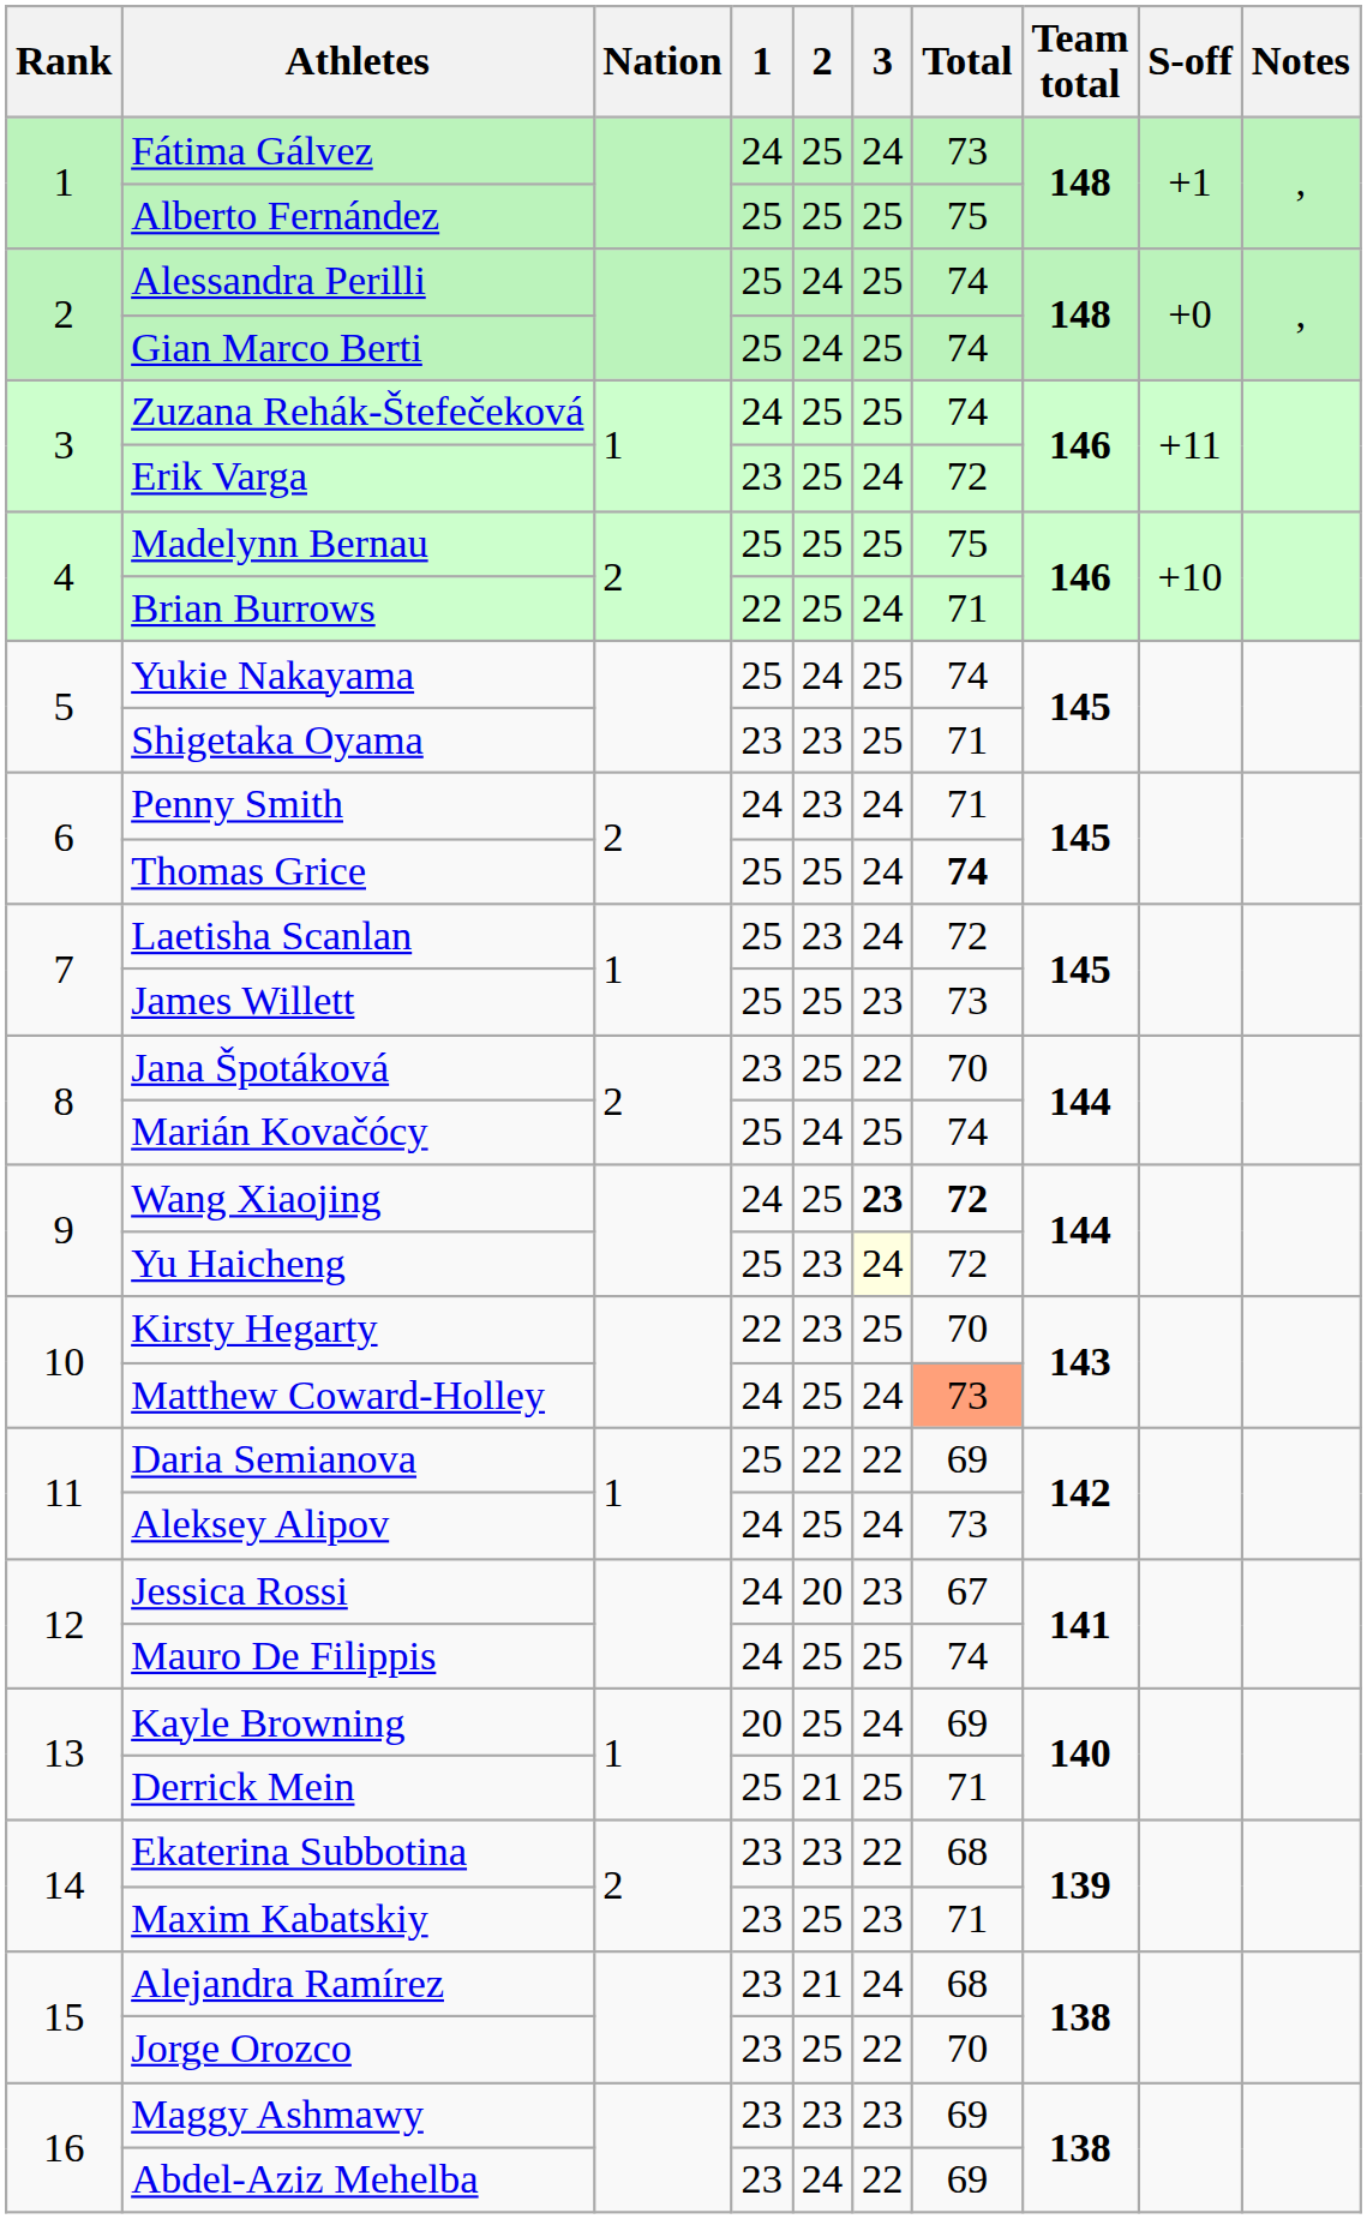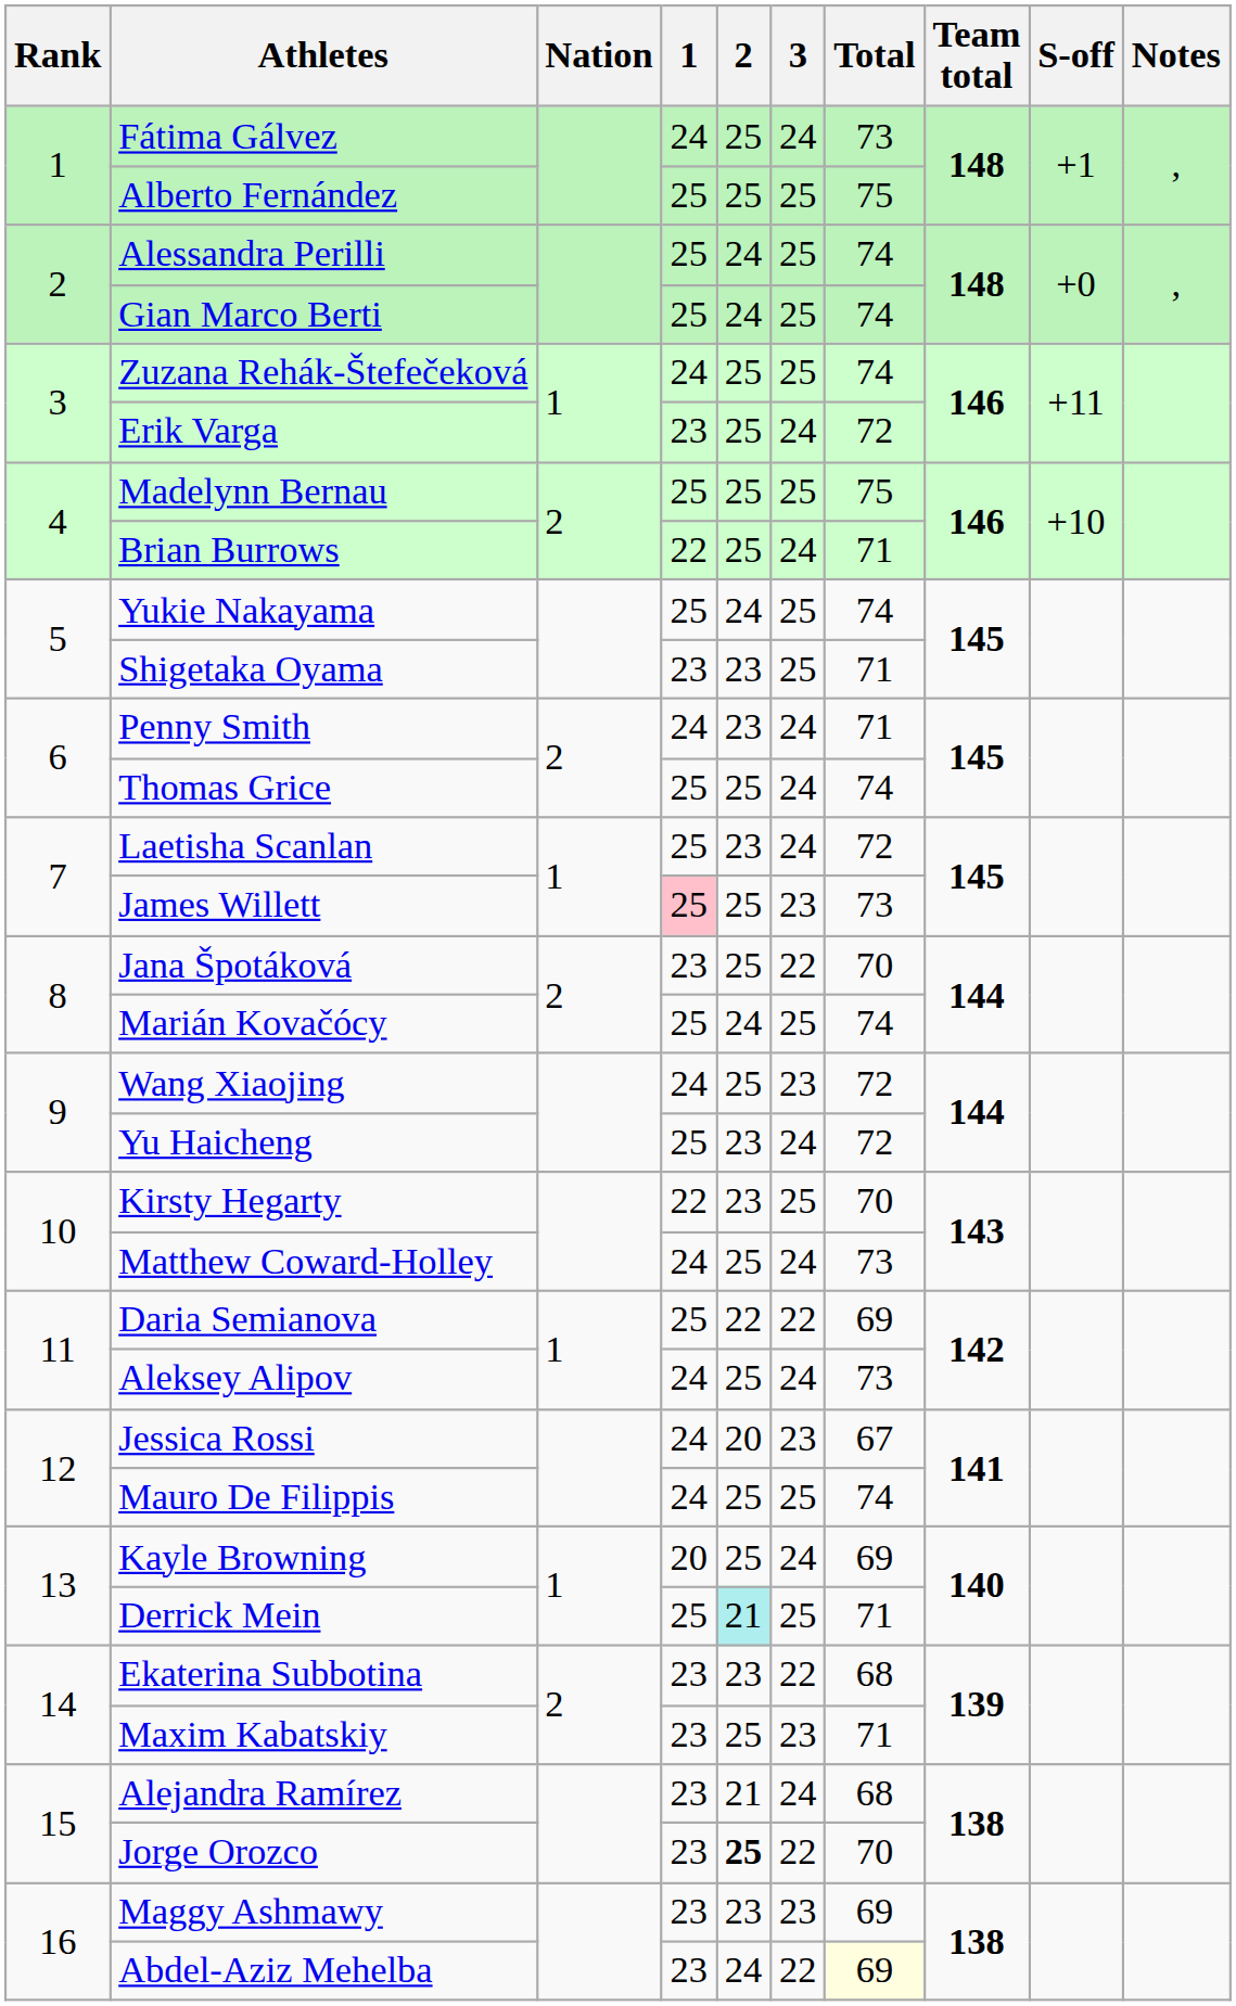 <table class="wikitable sortable" style="text-align:center">
 <tr>
 <th>Rank</th>
 <th>Athletes</th>
 <th>Nation</th>
 <th>1</th>
 <th>2</th>
 <th>3</th>
 <th>Total</th>
 <th>Team<br>total</th>
 <th class="unsortable">S-off</th>
 <th class="unsortable">Notes</th>
 </tr>
 <tr bgcolor=bbf3bb>
 <td rowspan=2>1</td>
 <td align=left><a href='#'>Fátima Gálvez</a></td>
 <td rowspan=2 align=left></td>
 <td>24</td>
 <td>25</td>
 <td>24</td>
 <td>73</td>
 <td rowspan=2><strong>148</strong></td>
 <td rowspan=2>+1</td>
 <td rowspan=2>, </td>
 </tr>
 <tr bgcolor=bbf3bb>
 <td align=left><a href='#'>Alberto Fernández</a></td>
 <td>25</td>
 <td>25</td>
 <td>25</td>
 <td>75</td>
 </tr>
 <tr bgcolor=bbf3bb>
 <td rowspan=2>2</td>
 <td align=left><a href='#'>Alessandra Perilli</a></td>
 <td rowspan=2 align=left></td>
 <td>25</td>
 <td>24</td>
 <td>25</td>
 <td>74</td>
 <td rowspan=2><strong>148</strong></td>
 <td rowspan=2>+0</td>
 <td rowspan=2>, </td>
 </tr>
 <tr bgcolor=bbf3bb>
 <td align=left><a href='#'>Gian Marco Berti</a></td>
 <td>25</td>
 <td>24</td>
 <td>25</td>
 <td>74</td>
 </tr>
 <tr bgcolor=ccffcc>
 <td rowspan=2>3</td>
 <td align=left><a href='#'>Zuzana Rehák-Štefečeková</a></td>
 <td rowspan=2 align=left> 1</td>
 <td>24</td>
 <td>25</td>
 <td>25</td>
 <td>74</td>
 <td rowspan=2><strong>146</strong></td>
 <td rowspan=2>+11</td>
 <td rowspan=2></td>
 </tr>
 <tr bgcolor=ccffcc>
 <td align=left><a href='#'>Erik Varga</a></td>
 <td>23</td>
 <td>25</td>
 <td>24</td>
 <td>72</td>
 </tr>
 <tr bgcolor=ccffcc>
 <td rowspan=2>4</td>
 <td align=left><a href='#'>Madelynn Bernau</a></td>
 <td rowspan=2 align=left> 2</td>
 <td>25</td>
 <td>25</td>
 <td>25</td>
 <td>75</td>
 <td rowspan=2><strong>146</strong></td>
 <td rowspan=2>+10</td>
 <td rowspan=2></td>
 </tr>
 <tr bgcolor=ccffcc>
 <td align=left><a href='#'>Brian Burrows</a></td>
 <td>22</td>
 <td>25</td>
 <td>24</td>
 <td>71</td>
 </tr>
 <tr>
 <td rowspan=2>5</td>
 <td align=left><a href='#'>Yukie Nakayama</a></td>
 <td rowspan=2 align=left></td>
 <td>25</td>
 <td>24</td>
 <td>25</td>
 <td>74</td>
 <td rowspan=2><strong>145</strong></td>
 <td rowspan=2></td>
 <td rowspan=2></td>
 </tr>
 <tr>
 <td align=left><a href='#'>Shigetaka Oyama</a></td>
 <td>23</td>
 <td>23</td>
 <td>25</td>
 <td>71</td>
 </tr>
 <tr>
 <td rowspan=2>6</td>
 <td align=left><a href='#'>Penny Smith</a></td>
 <td rowspan=2 align=left> 2</td>
 <td>24</td>
 <td>23</td>
 <td>24</td>
 <td>71</td>
 <td rowspan=2><strong>145</strong></td>
 <td rowspan=2></td>
 <td rowspan=2></td>
 </tr>
 <tr>
 <td align=left><a href='#'>Thomas Grice</a></td>
 <td>25</td>
 <td>25</td>
 <td>24</td>
-<td><strong>74</strong></td>
+<td>74</td>
 </tr>
 <tr>
 <td rowspan=2>7</td>
 <td align=left><a href='#'>Laetisha Scanlan</a></td>
 <td rowspan=2 align=left> 1</td>
 <td>25</td>
 <td>23</td>
 <td>24</td>
 <td>72</td>
 <td rowspan=2><strong>145</strong></td>
 <td rowspan=2></td>
 <td rowspan=2></td>
 </tr>
 <tr>
 <td align=left><a href='#'>James Willett</a></td>
-<td>25</td>
+<td style="background: pink;">25</td>
 <td>25</td>
 <td>23</td>
 <td>73</td>
 </tr>
 <tr>
 <td rowspan=2>8</td>
 <td align=left><a href='#'>Jana Špotáková</a></td>
 <td rowspan=2 align=left> 2</td>
 <td>23</td>
 <td>25</td>
 <td>22</td>
 <td>70</td>
 <td rowspan=2><strong>144</strong></td>
 <td rowspan=2></td>
 <td rowspan=2></td>
 </tr>
 <tr>
 <td align=left><a href='#'>Marián Kovačócy</a></td>
 <td>25</td>
 <td>24</td>
 <td>25</td>
 <td>74</td>
 </tr>
 <tr>
 <td rowspan=2>9</td>
 <td align=left><a href='#'>Wang Xiaojing</a></td>
 <td rowspan=2 align=left></td>
 <td>24</td>
 <td>25</td>
-<td><strong>23</strong></td>
-<td><strong>72</strong></td>
+<td>23</td>
+<td>72</td>
 <td rowspan=2><strong>144</strong></td>
 <td rowspan=2></td>
 <td rowspan=2></td>
 </tr>
 <tr>
 <td align=left><a href='#'>Yu Haicheng</a></td>
 <td>25</td>
 <td>23</td>
-<td style="background: lightyellow;">24</td>
+<td>24</td>
 <td>72</td>
 </tr>
 <tr>
 <td rowspan=2>10</td>
 <td align=left><a href='#'>Kirsty Hegarty</a></td>
 <td rowspan=2 align=left></td>
 <td>22</td>
 <td>23</td>
 <td>25</td>
 <td>70</td>
 <td rowspan=2><strong>143</strong></td>
 <td rowspan=2></td>
 <td rowspan=2></td>
 </tr>
 <tr>
 <td align=left><a href='#'>Matthew Coward-Holley</a></td>
 <td>24</td>
 <td>25</td>
 <td>24</td>
-<td style="background: lightsalmon;">73</td>
+<td>73</td>
 </tr>
 <tr>
 <td rowspan=2>11</td>
 <td align=left><a href='#'>Daria Semianova</a></td>
 <td rowspan=2 align=left> 1</td>
 <td>25</td>
 <td>22</td>
 <td>22</td>
 <td>69</td>
 <td rowspan=2><strong>142</strong></td>
 <td rowspan=2></td>
 <td rowspan=2></td>
 </tr>
 <tr>
 <td align=left><a href='#'>Aleksey Alipov</a></td>
 <td>24</td>
 <td>25</td>
 <td>24</td>
 <td>73</td>
 </tr>
 <tr>
 <td rowspan=2>12</td>
 <td align=left><a href='#'>Jessica Rossi</a></td>
 <td rowspan=2 align=left></td>
 <td>24</td>
 <td>20</td>
 <td>23</td>
 <td>67</td>
 <td rowspan=2><strong>141</strong></td>
 <td rowspan=2></td>
 <td rowspan=2></td>
 </tr>
 <tr>
 <td align=left><a href='#'>Mauro De Filippis</a></td>
 <td>24</td>
 <td>25</td>
 <td>25</td>
 <td>74</td>
 </tr>
 <tr>
 <td rowspan=2>13</td>
 <td align=left><a href='#'>Kayle Browning</a></td>
 <td rowspan=2 align=left> 1</td>
 <td>20</td>
 <td>25</td>
 <td>24</td>
 <td>69</td>
 <td rowspan=2><strong>140</strong></td>
 <td rowspan=2></td>
 <td rowspan=2></td>
 </tr>
 <tr>
 <td align=left><a href='#'>Derrick Mein</a></td>
 <td>25</td>
-<td>21</td>
+<td style="background: paleturquoise;">21</td>
 <td>25</td>
 <td>71</td>
 </tr>
 <tr>
 <td rowspan=2>14</td>
 <td align=left><a href='#'>Ekaterina Subbotina</a></td>
 <td rowspan=2 align=left> 2</td>
 <td>23</td>
 <td>23</td>
 <td>22</td>
 <td>68</td>
 <td rowspan=2><strong>139</strong></td>
 <td rowspan=2></td>
 <td rowspan=2></td>
 </tr>
 <tr>
 <td align=left><a href='#'>Maxim Kabatskiy</a></td>
 <td>23</td>
 <td>25</td>
 <td>23</td>
 <td>71</td>
 </tr>
 <tr>
 <td rowspan=2>15</td>
 <td align=left><a href='#'>Alejandra Ramírez</a></td>
 <td rowspan=2 align=left></td>
 <td>23</td>
 <td>21</td>
 <td>24</td>
 <td>68</td>
 <td rowspan=2><strong>138</strong></td>
 <td rowspan=2></td>
 <td rowspan=2></td>
 </tr>
 <tr>
 <td align=left><a href='#'>Jorge Orozco</a></td>
 <td>23</td>
-<td>25</td>
+<td><strong>25</strong></td>
 <td>22</td>
 <td>70</td>
 </tr>
 <tr>
 <td rowspan=2>16</td>
 <td align=left><a href='#'>Maggy Ashmawy</a></td>
 <td rowspan=2 align=left></td>
 <td>23</td>
 <td>23</td>
 <td>23</td>
 <td>69</td>
 <td rowspan=2><strong>138</strong></td>
 <td rowspan=2></td>
 <td rowspan=2></td>
 </tr>
 <tr>
 <td align=left><a href='#'>Abdel-Aziz Mehelba</a></td>
 <td>23</td>
 <td>24</td>
 <td>22</td>
-<td>69</td>
+<td style="background: lightyellow;">69</td>
 </tr>
 </table>
